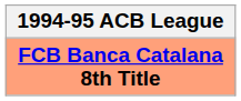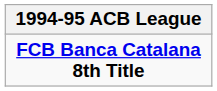 <table class="wikitable" style="margin: 0 auto; width: 20%;">
 <tr>
 <th>1994-95 ACB League</th>
 </tr>
 <tr>
-<td align=center style="background: lightsalmon;"><strong><a href='#'>FCB Banca Catalana</a></strong><br><strong>8th Title</strong></td>
+<td align=center><strong><a href='#'>FCB Banca Catalana</a></strong><br><strong>8th Title</strong></td>
 </tr>
 </table>
